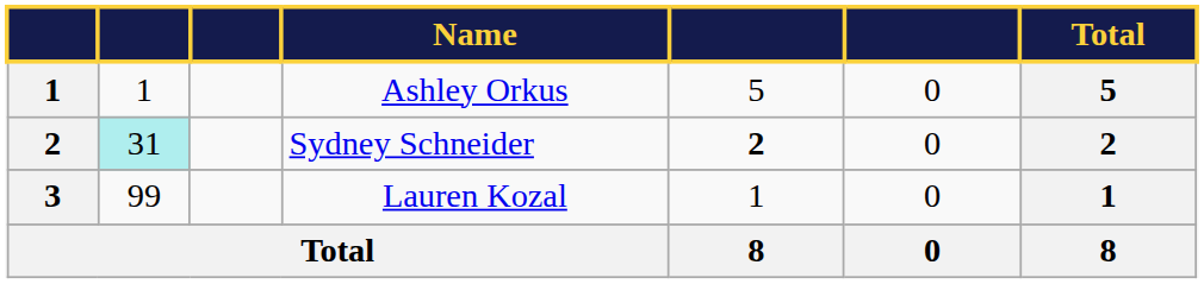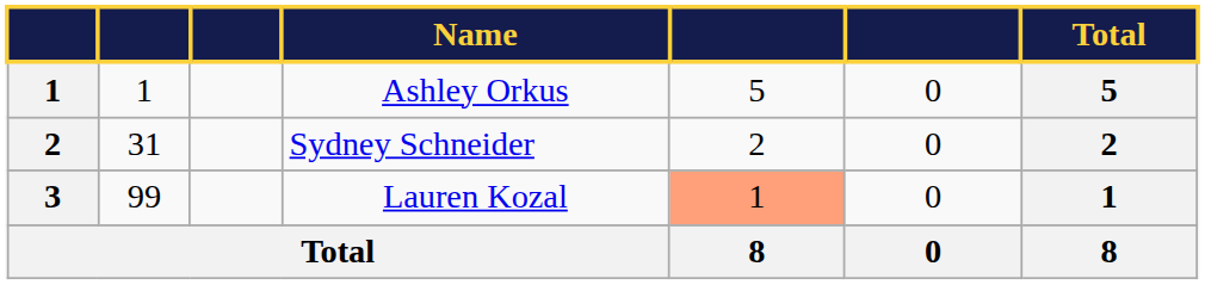 <table class="wikitable sortable" style="text-align:center;">
 <tr>
 <th style="background:#141B4D; color:#FBD13B; border:2px solid #FBD13B; width:35px;" scope="col"></th>
 <th style="background:#141B4D; color:#FBD13B; border:2px solid #FBD13B; width:35px;" scope="col"></th>
 <th style="background:#141B4D; color:#FBD13B; border:2px solid #FBD13B; width:35px;" scope="col"></th>
 <th style="background:#141B4D; color:#FBD13B; border:2px solid #FBD13B; width:175px;" scope="col">Name</th>
 <th style="background:#141B4D; color:#FBD13B; border:2px solid #FBD13B; width:75px;" scope="col"></th>
 <th style="background:#141B4D; color:#FBD13B; border:2px solid #FBD13B; width:75px;" scope="col"></th>
 <th style="background:#141B4D; color:#FBD13B; border:2px solid #FBD13B; width:75px;" scope="col">Total</th>
 </tr>
 <tr>
 <th>1</th>
 <td>1</td>
 <td></td>
 <td><a href='#'>Ashley Orkus</a></td>
 <td>5</td>
 <td>0</td>
 <th>5</th>
 </tr>
 <tr>
 <th>2</th>
-<td style="background: paleturquoise;">31</td>
+<td>31</td>
 <td></td>
 <td align="left"><a href='#'>Sydney Schneider</a></td>
-<td><strong>2</strong></td>
+<td>2</td>
 <td>0</td>
 <th>2</th>
 </tr>
 <tr>
 <th>3</th>
 <td>99</td>
 <td></td>
 <td><a href='#'>Lauren Kozal</a></td>
-<td>1</td>
+<td style="background: lightsalmon;">1</td>
 <td>0</td>
 <th>1</th>
 </tr>
 <tr>
 <th colspan="4" scope="row">Total</th>
 <th>8</th>
 <th>0</th>
 <th>8</th>
 </tr>
 </table>
